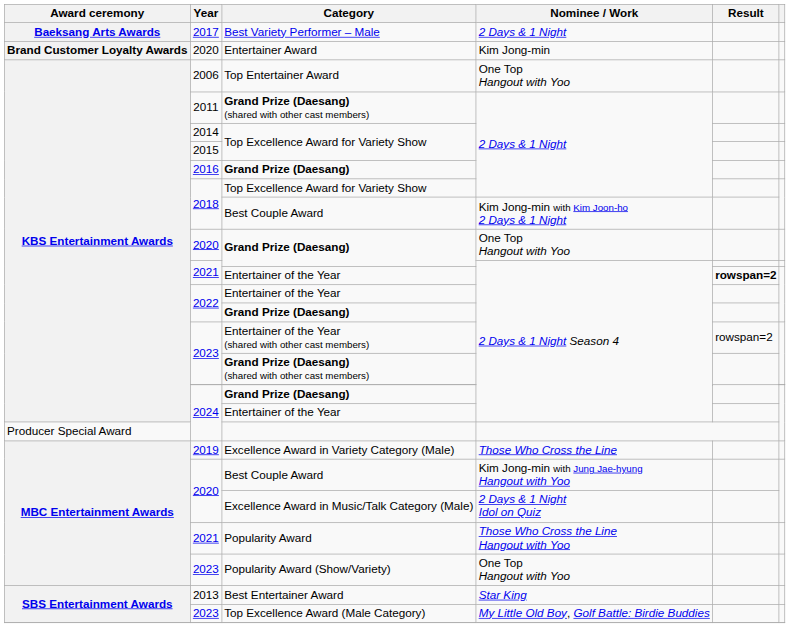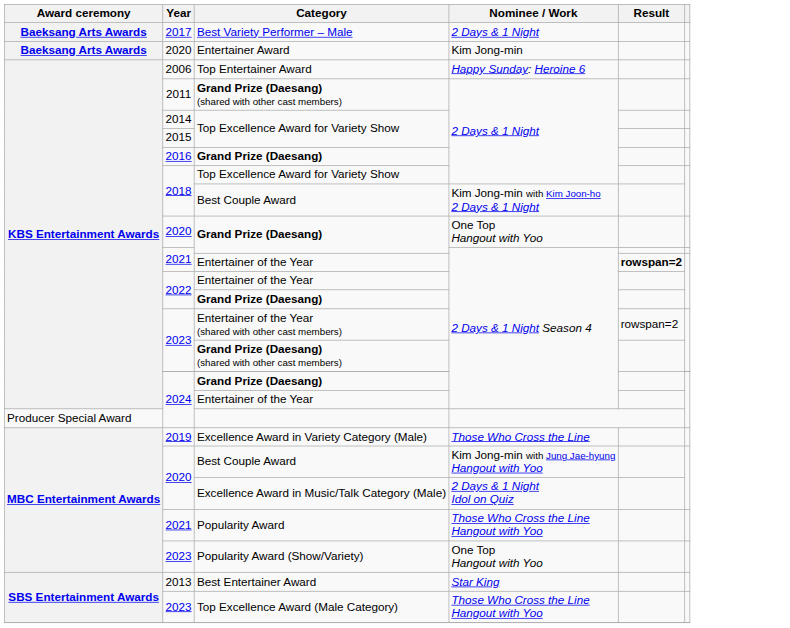 <table class="wikitable plainrowheaders sortable">
 <tr>
 <th scope="col">Award ceremony</th>
 <th scope="col">Year</th>
 <th scope="col">Category</th>
 <th scope="col">Nominee / Work</th>
 <th scope="col">Result</th>
 <th scope="col" class="unsortable"></th>
 </tr>
 <tr>
 <th scope="row"  rowspan="1"><a href='#'>Baeksang Arts Awards</a></th>
 <td style="text-align:center" rowspan="1"><a href='#'>2017</a></td>
 <td><a href='#'>Best Variety Performer – Male</a></td>
 <td rowspan="1"><em><a href='#'>2 Days & 1 Night</a></em></td>
 <td></td>
 <td style="text-align:center"></td>
 </tr>
 <tr>
-<th scope="row"  rowspan="1">Brand Customer Loyalty Awards</th>
+<th scope="row"  rowspan="1"><a href='#'>Baeksang Arts Awards</a></th>
 <td style="text-align:center">2020</td>
 <td>Entertainer Award</td>
 <td>Kim Jong-min</td>
 <td></td>
 <td style="text-align:center"></td>
 </tr>
 <tr>
 <th rowspan="17" scope="row"><a href='#'>KBS Entertainment Awards</a></th>
 <td style="text-align:center">2006</td>
 <td>Top Entertainer Award</td>
-<td>One Top <br> <em>Hangout with Yoo</em></td>
+<td><em><a href='#'>Happy Sunday</a>: <a href='#'>Heroine 6</a></em></td>
 <td></td>
 <td></td>
 </tr>
 <tr>
 <td style="text-align:center">2011</td>
 <td><strong>Grand Prize (Daesang)<br></strong><small>(shared with other cast members)</small></td>
 <td rowspan=5><em><a href='#'>2 Days & 1 Night</a></em></td>
 <td></td>
 <td></td>
 </tr>
 <tr>
 <td style="text-align:center">2014</td>
 <td rowspan="2">Top Excellence Award for Variety Show</td>
 <td></td>
 <td></td>
 </tr>
 <tr>
 <td style="text-align:center">2015</td>
 <td></td>
 <td></td>
 </tr>
 <tr>
 <td style="text-align:center"><a href='#'>2016</a></td>
 <td><strong>Grand Prize (Daesang)</strong></td>
 <td></td>
 <td style="text-align:center"></td>
 </tr>
 <tr>
 <td style="text-align:center" rowspan=2><a href='#'>2018</a></td>
 <td>Top Excellence Award for Variety Show</td>
 <td></td>
 <td style="text-align:center" rowspan=2></td>
 </tr>
 <tr>
 <td>Best Couple Award</td>
 <td>Kim Jong-min <small>with <a href='#'>Kim Joon-ho</a></small> <br> <em><a href='#'>2 Days & 1 Night</a></em></td>
 <td></td>
 </tr>
 <tr>
 <td style="text-align:center"><a href='#'>2020</a></td>
 <td rowspan="2"><strong>Grand Prize (Daesang)</strong></td>
 <td>One Top <br> <em>Hangout with Yoo</em></td>
 <td></td>
 <td></td>
 </tr>
 <tr>
 <td style="text-align:center" rowspan=2><a href='#'>2021</a></td>
 <td rowspan="9"><em><a href='#'>2 Days & 1 Night</a> Season 4</em></td>
 <td></td>
 <td style="text-align:center"></td>
 </tr>
 <tr>
 <td>Entertainer of the Year</td>
 <td><strong>rowspan=2 </strong></td>
 <td style="text-align:center" rowspan="3"></td>
 </tr>
 <tr>
 <td style="text-align:center" rowspan="2"><a href='#'>2022</a></td>
 <td>Entertainer of the Year</td>
 </tr>
 <tr>
 <td><strong>Grand Prize (Daesang)</strong></td>
 <td></td>
 </tr>
 <tr>
 <td style="text-align:center" rowspan="2"><a href='#'>2023</a></td>
 <td>Entertainer of the Year <br><small>(shared with other cast members)</small></td>
 <td>rowspan=2 </td>
 <td style="text-align:center" rowspan="2"></td>
 </tr>
 <tr>
 <td><strong>Grand Prize (Daesang)</strong> <br><small>(shared with other cast members)</small></td>
 </tr>
 <tr>
 </tr>
 <tr>
 <td style="text-align:center" rowspan="3"><a href='#'>2024</a></td>
 <td><strong>Grand Prize (Daesang)</strong></td>
 <td></td>
 <td style="text-align:center" rowspan="3"></td>
 </tr>
 <tr>
 <td>Entertainer of the Year</td>
 <td></td>
 </tr>
 <tr>
 <td>Producer Special Award</td>
 <td></td>
 </tr>
 <tr>
 <th scope="row"  rowspan="5"><a href='#'>MBC Entertainment Awards</a></th>
 <td style="text-align:center"><a href='#'>2019</a></td>
 <td>Excellence Award in Variety Category (Male)</td>
 <td><em><a href='#'>Those Who Cross the Line</a></em></td>
 <td></td>
 <td></td>
 </tr>
 <tr>
 <td style="text-align:center" rowspan="2"><a href='#'>2020</a></td>
 <td>Best Couple Award</td>
 <td>Kim Jong-min <small>with <a href='#'>Jung Jae-hyung</a></small> <br> <em><a href='#'>Hangout with Yoo</a></em></td>
 <td></td>
 <td style="text-align:center" rowspan=2></td>
 </tr>
 <tr>
 <td>Excellence Award in Music/Talk Category (Male)</td>
 <td><em><a href='#'>2 Days & 1 Night</a></em><br><em><a href='#'>Idol on Quiz</a></em></td>
 <td></td>
 </tr>
 <tr>
 <td style="text-align:center"><a href='#'>2021</a></td>
 <td>Popularity Award</td>
 <td><em><a href='#'>Those Who Cross the Line</a></em><br><em><a href='#'>Hangout with Yoo</a></em></td>
 <td></td>
 <td style="text-align:center"></td>
 </tr>
 <tr>
 <td style="text-align:center"><a href='#'>2023</a></td>
 <td>Popularity Award (Show/Variety)</td>
 <td>One Top <br> <em>Hangout with Yoo</em></td>
 <td></td>
 <td style="text-align:center"></td>
 </tr>
 <tr>
 <th scope="row"  rowspan="2"><a href='#'>SBS Entertainment Awards</a></th>
 <td style="text-align:center">2013</td>
 <td>Best Entertainer Award</td>
 <td><em><a href='#'>Star King</a></em></td>
 <td></td>
 <td></td>
 </tr>
 <tr>
 <td style="text-align:center"><a href='#'>2023</a></td>
 <td>Top Excellence Award (Male Category)</td>
-<td><em><a href='#'>My Little Old Boy</a></em>, <em><a href='#'>Golf Battle: Birdie Buddies</a></em></td>
+<td><em><a href='#'>Those Who Cross the Line</a></em><br><em><a href='#'>Hangout with Yoo</a></em><br><em></em></td>
 <td></td>
 <td style="text-align:center"></td>
 </tr>
 <tr>
 </tr>
 </table>
